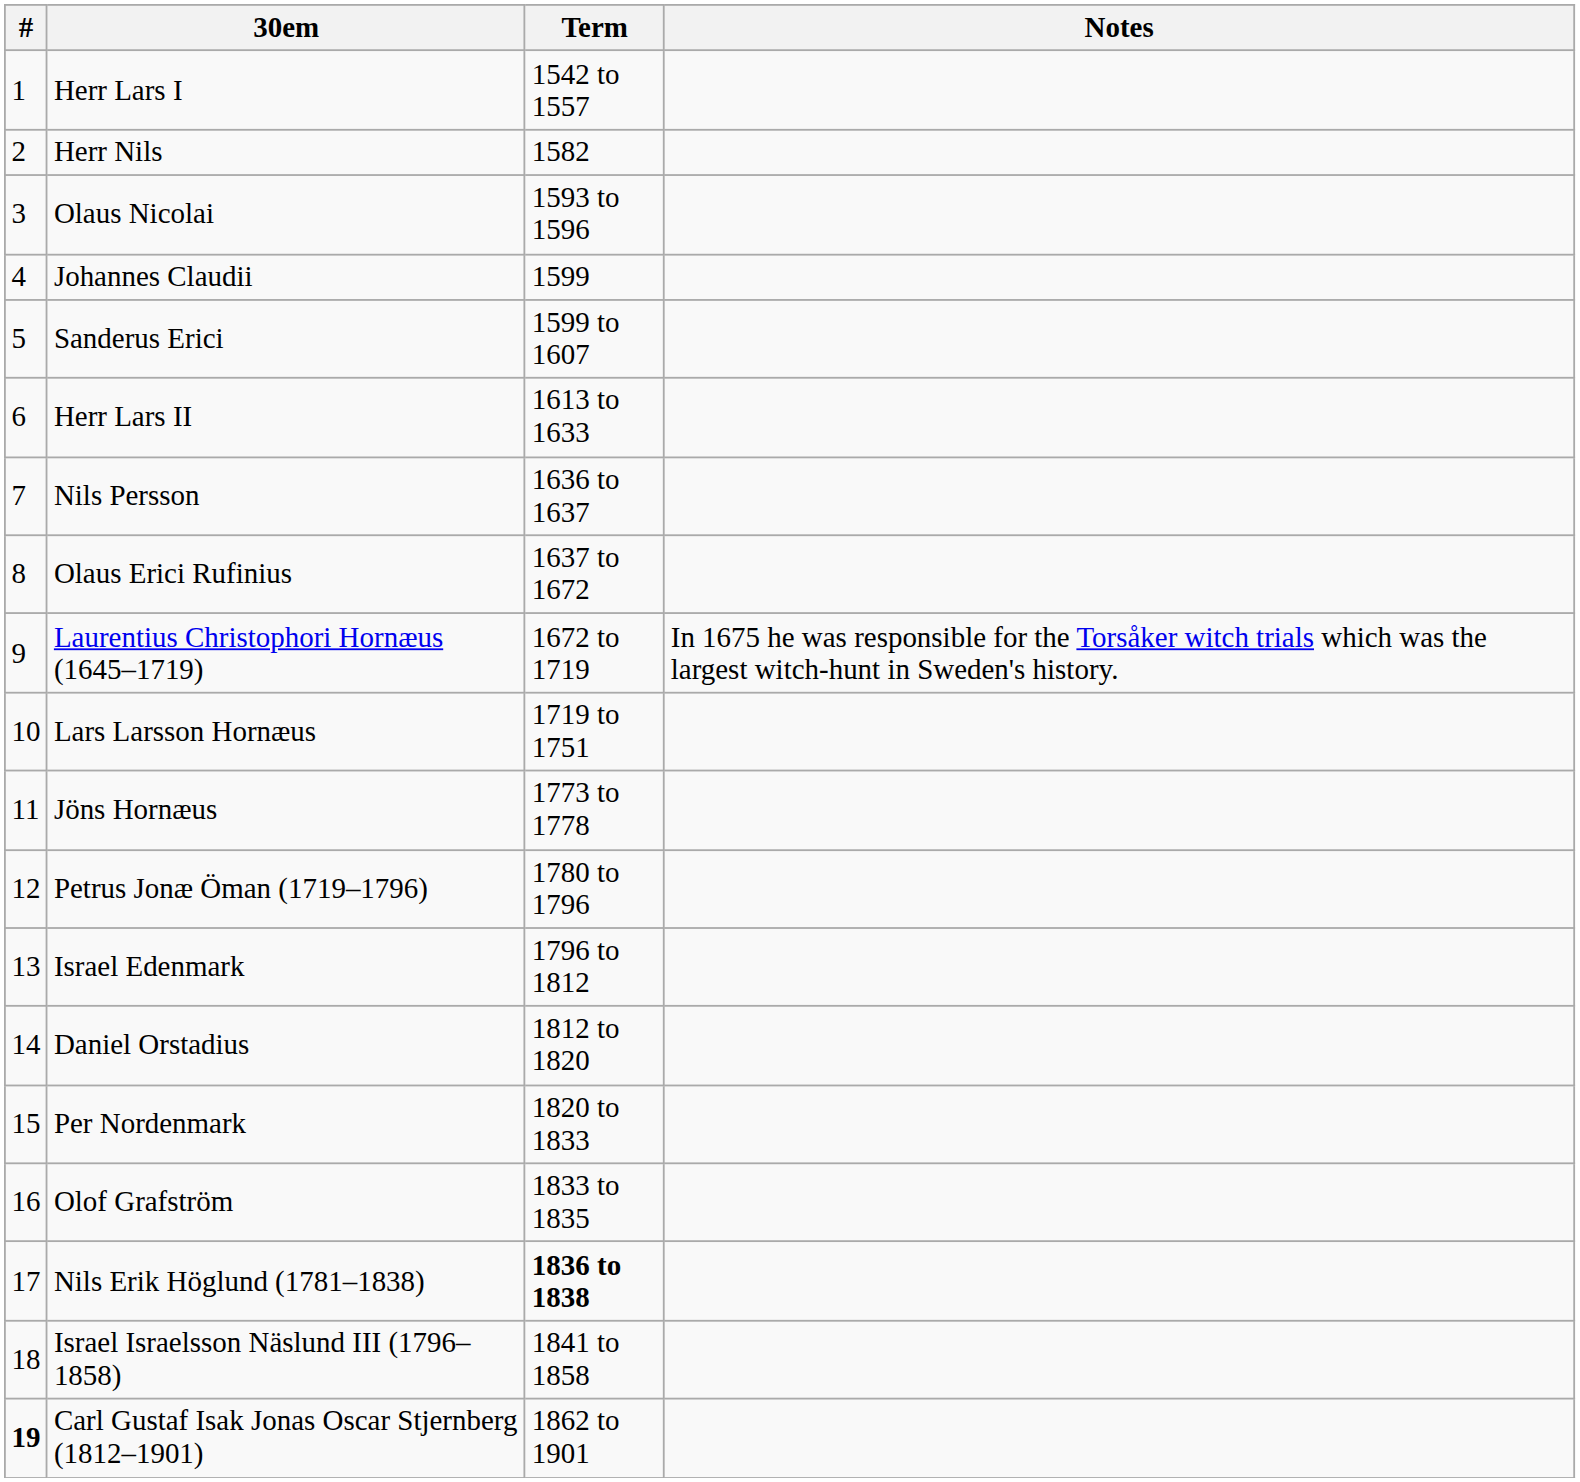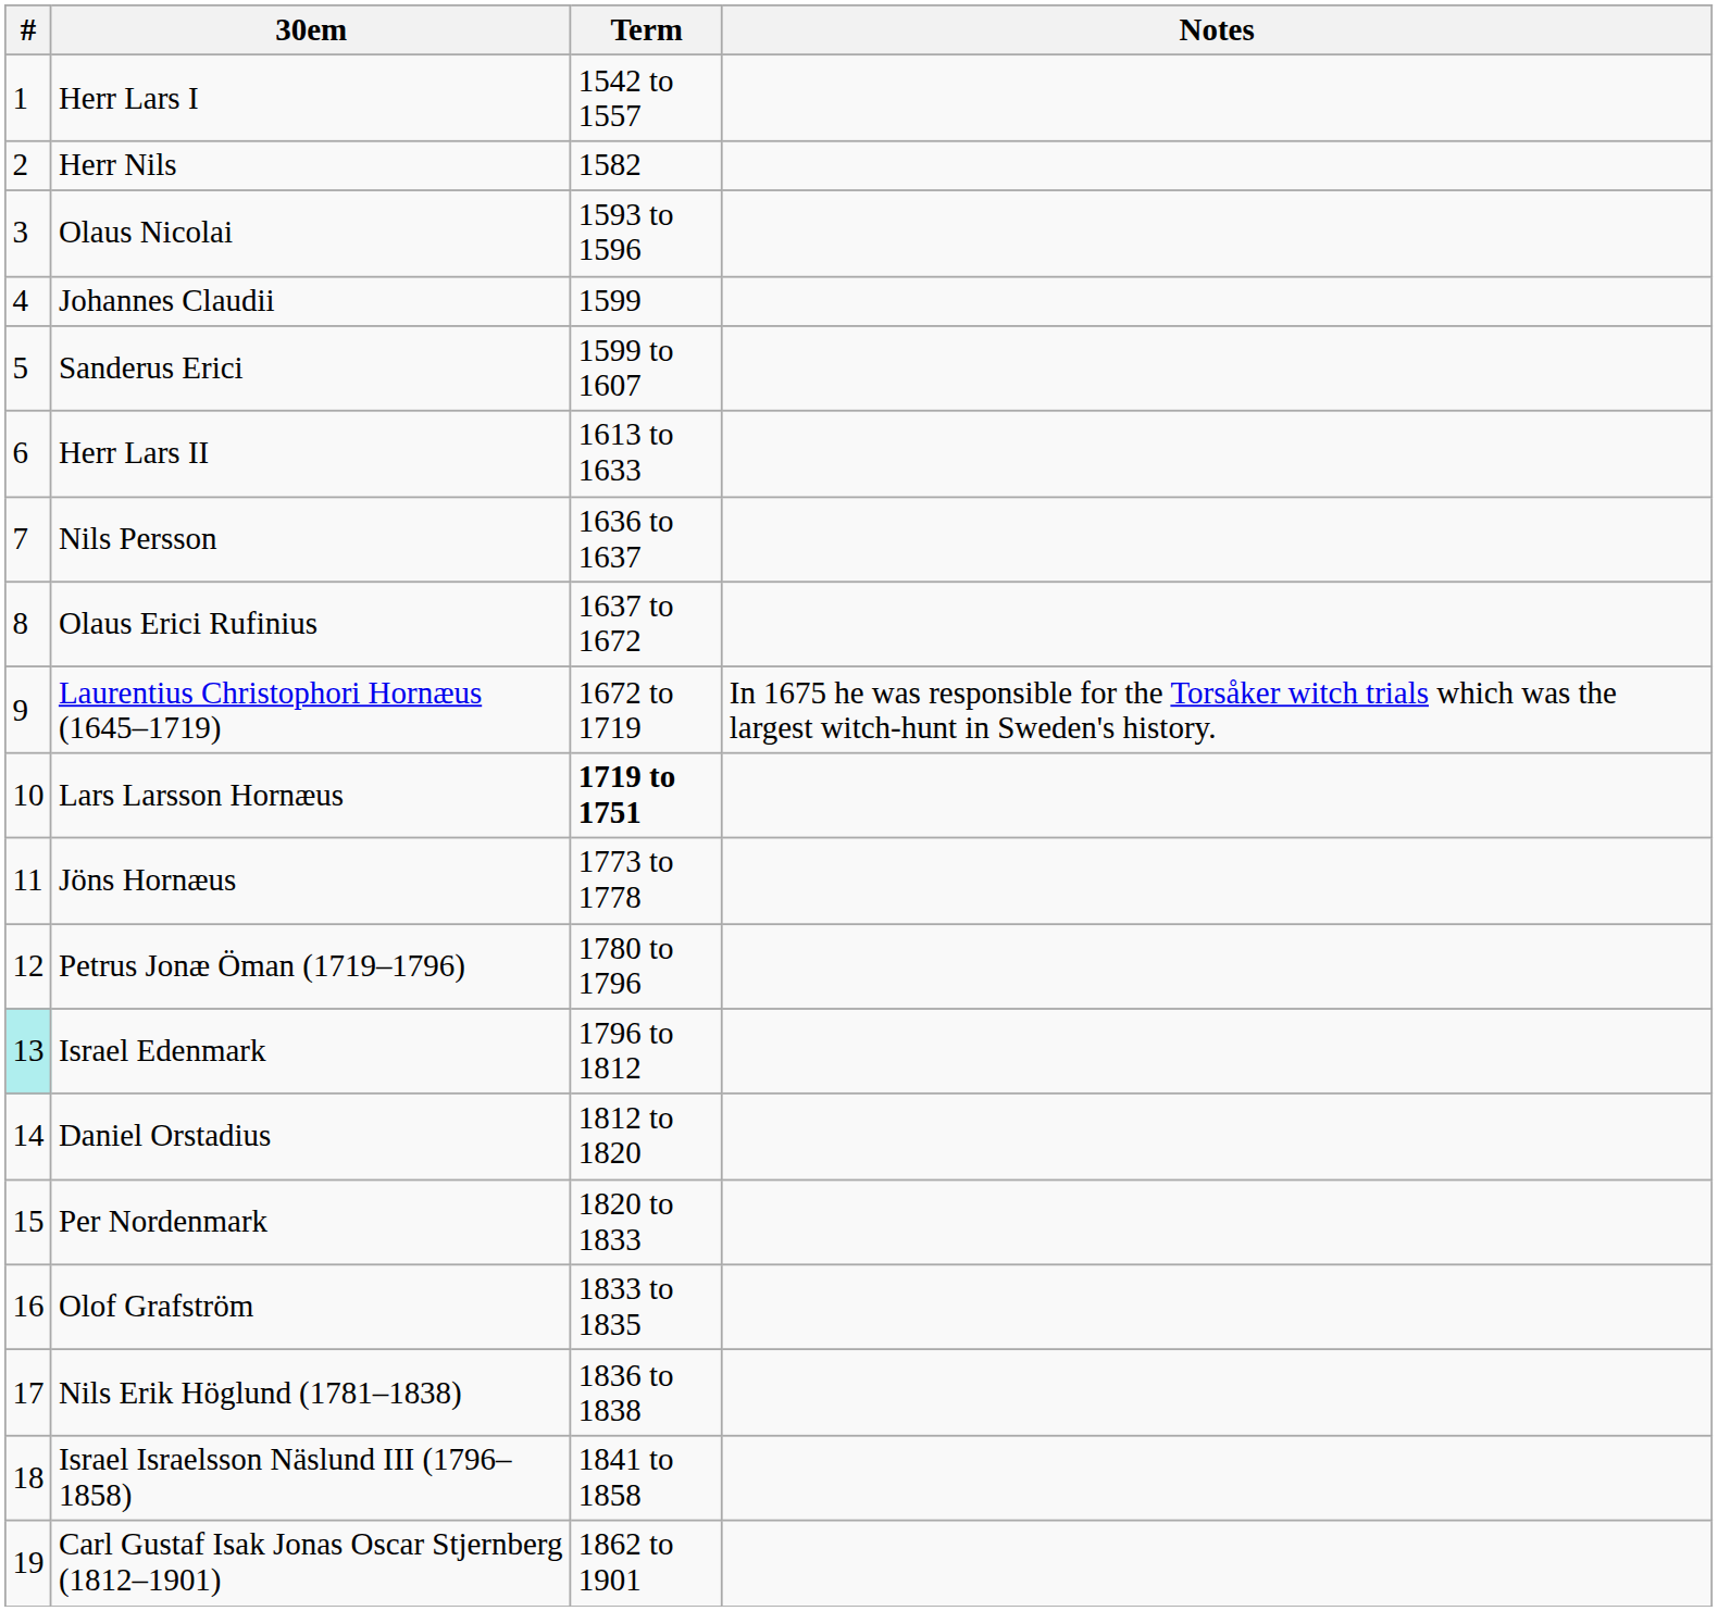 <table class="wikitable sortable">
 <tr>
 <th align=center>#</th>
 <th Vicar>30em</th>
 <th>Term</th>
 <th>Notes</th>
 </tr>
 <tr>
 <td>1</td>
 <td>Herr Lars I</td>
 <td>1542 to 1557</td>
 <td></td>
 </tr>
 <tr>
 <td>2</td>
 <td>Herr Nils</td>
 <td>1582</td>
 <td></td>
 </tr>
 <tr>
 <td>3</td>
 <td>Olaus Nicolai</td>
 <td>1593 to 1596</td>
 <td></td>
 </tr>
 <tr>
 <td>4</td>
 <td>Johannes Claudii</td>
 <td>1599</td>
 <td></td>
 </tr>
 <tr>
 <td>5</td>
 <td>Sanderus Erici</td>
 <td>1599 to 1607</td>
 <td></td>
 </tr>
 <tr>
 <td>6</td>
 <td>Herr Lars II</td>
 <td>1613 to 1633</td>
 <td></td>
 </tr>
 <tr>
 <td>7</td>
 <td>Nils Persson</td>
 <td>1636 to 1637</td>
 <td></td>
 </tr>
 <tr>
 <td>8</td>
 <td>Olaus Erici Rufinius</td>
 <td>1637 to 1672</td>
 <td></td>
 </tr>
 <tr>
 <td>9</td>
 <td><a href='#'>Laurentius Christophori Hornæus</a> (1645–1719)</td>
 <td>1672 to 1719</td>
 <td>In 1675 he was responsible for the <a href='#'>Torsåker witch trials</a> which was the largest witch-hunt in Sweden's history.</td>
 </tr>
 <tr>
 <td>10</td>
 <td>Lars Larsson Hornæus</td>
-<td>1719 to 1751</td>
+<td><strong>1719 to 1751</strong></td>
 <td></td>
 </tr>
 <tr>
 <td>11</td>
 <td>Jöns Hornæus</td>
 <td>1773 to 1778</td>
 <td></td>
 </tr>
 <tr>
 <td>12</td>
 <td>Petrus Jonæ Öman (1719–1796)</td>
 <td>1780 to 1796</td>
 <td></td>
 </tr>
 <tr>
-<td>13</td>
+<td style="background: paleturquoise;">13</td>
 <td>Israel Edenmark</td>
 <td>1796 to 1812</td>
 <td></td>
 </tr>
 <tr>
 <td>14</td>
 <td>Daniel Orstadius</td>
 <td>1812 to 1820</td>
 <td></td>
 </tr>
 <tr>
 <td>15</td>
 <td>Per Nordenmark</td>
 <td>1820 to 1833</td>
 <td></td>
 </tr>
 <tr>
 <td>16</td>
 <td>Olof Grafström</td>
 <td>1833 to 1835</td>
 <td></td>
 </tr>
 <tr>
 <td>17</td>
 <td>Nils Erik Höglund (1781–1838)</td>
-<td><strong>1836 to 1838</strong></td>
+<td>1836 to 1838</td>
 <td></td>
 </tr>
 <tr>
 <td>18</td>
 <td>Israel Israelsson Näslund III (1796–1858)</td>
 <td>1841 to 1858</td>
 <td></td>
 </tr>
 <tr>
-<td><strong>19</strong></td>
+<td>19</td>
 <td>Carl Gustaf Isak Jonas Oscar Stjernberg (1812–1901)</td>
 <td>1862 to 1901</td>
 <td></td>
 </tr>
 <tr>
 </tr>
 </table>
